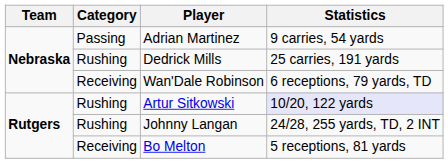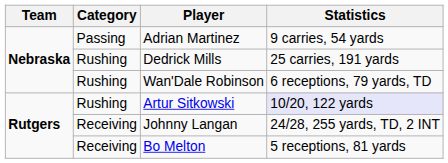 <table class="wikitable" style="float: right;">
 <tr>
 <th>Team</th>
 <th>Category</th>
 <th>Player</th>
 <th>Statistics</th>
 </tr>
 <tr>
 <td rowspan=3><strong>Nebraska</strong></td>
 <td>Passing</td>
 <td>Adrian Martinez</td>
 <td>9 carries, 54 yards</td>
 </tr>
 <tr>
 <td>Rushing</td>
 <td>Dedrick Mills</td>
 <td>25 carries, 191 yards</td>
 </tr>
 <tr>
-<td>Receiving</td>
+<td>Rushing</td>
 <td>Wan'Dale Robinson</td>
 <td>6 receptions, 79 yards, TD</td>
 </tr>
 <tr>
 <td rowspan=3><strong>Rutgers</strong></td>
 <td>Rushing</td>
 <td><a href='#'>Artur Sitkowski</a></td>
 <td style="background: lavender;">10/20, 122 yards</td>
 </tr>
 <tr>
-<td>Rushing</td>
+<td>Receiving</td>
 <td>Johnny Langan</td>
 <td>24/28, 255 yards, TD, 2 INT</td>
 </tr>
 <tr>
 <td>Receiving</td>
 <td><a href='#'>Bo Melton</a></td>
 <td>5 receptions, 81 yards</td>
 </tr>
 </table>
